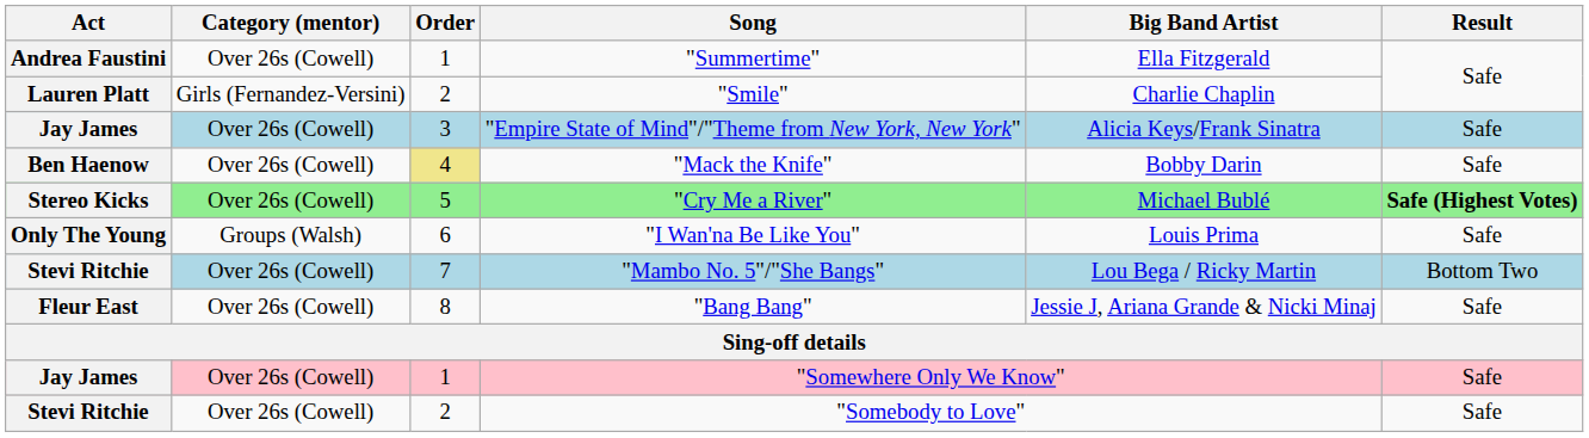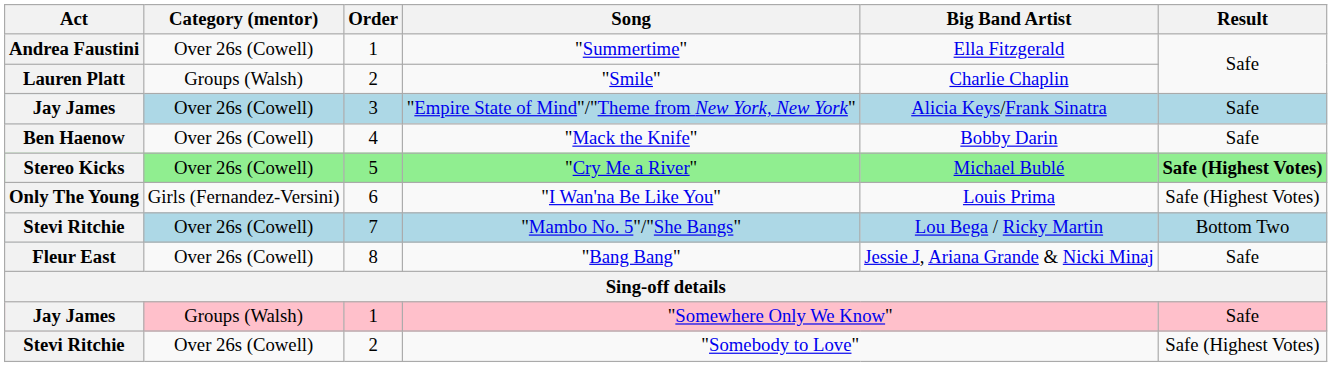 <table class="wikitable plainrowheaders" style="text-align:center;">
 <tr>
 <th scope="col">Act</th>
 <th scope="col">Category (mentor)</th>
 <th scope="col">Order</th>
 <th scope="col">Song</th>
 <th scope="col">Big Band Artist</th>
 <th scope="col">Result</th>
 </tr>
 <tr>
 <th scope="row">Andrea Faustini</th>
 <td>Over 26s (Cowell)</td>
 <td>1</td>
 <td>"<a href='#'>Summertime</a>"</td>
 <td><a href='#'>Ella Fitzgerald</a></td>
 <td rowspan=2>Safe</td>
 </tr>
 <tr>
 <th scope="row">Lauren Platt</th>
-<td>Girls (Fernandez-Versini)</td>
+<td>Groups (Walsh)</td>
 <td>2</td>
 <td>"<a href='#'>Smile</a>"</td>
 <td><a href='#'>Charlie Chaplin</a></td>
 </tr>
 <tr style="background:lightblue;">
 <th scope="row">Jay James</th>
 <td>Over 26s (Cowell)</td>
 <td>3</td>
 <td>"<a href='#'>Empire State of Mind</a>"/"<a href='#'>Theme from <em>New York, New York</em></a>"</td>
 <td><a href='#'>Alicia Keys</a>/<a href='#'>Frank Sinatra</a></td>
 <td>Safe</td>
 </tr>
 <tr>
 <th scope="row">Ben Haenow</th>
 <td>Over 26s (Cowell)</td>
-<td style="background: khaki;">4</td>
+<td>4</td>
 <td>"<a href='#'>Mack the Knife</a>"</td>
 <td><a href='#'>Bobby Darin</a></td>
 <td>Safe</td>
 </tr>
 <tr style="background:lightgreen;">
 <th scope="row">Stereo Kicks</th>
 <td>Over 26s (Cowell)</td>
 <td>5</td>
 <td>"<a href='#'>Cry Me a River</a>"</td>
 <td><a href='#'>Michael Bublé</a></td>
 <td><strong>Safe (Highest Votes)</strong></td>
 </tr>
 <tr>
 <th scope="row">Only The Young</th>
-<td>Groups (Walsh)</td>
+<td>Girls (Fernandez-Versini)</td>
 <td>6</td>
 <td>"<a href='#'>I Wan'na Be Like You</a>"</td>
 <td><a href='#'>Louis Prima</a></td>
-<td>Safe</td>
+<td>Safe (Highest Votes)</td>
 </tr>
 <tr style="background:lightblue;">
 <th scope="row">Stevi Ritchie</th>
 <td>Over 26s (Cowell)</td>
 <td>7</td>
 <td>"<a href='#'>Mambo No. 5</a>"/"<a href='#'>She Bangs</a>"</td>
 <td><a href='#'>Lou Bega</a> / <a href='#'>Ricky Martin</a></td>
 <td>Bottom Two</td>
 </tr>
 <tr>
 <th scope="row">Fleur East</th>
 <td>Over 26s (Cowell)</td>
 <td>8</td>
 <td>"<a href='#'>Bang Bang</a>"</td>
 <td><a href='#'>Jessie J</a>, <a href='#'>Ariana Grande</a> & <a href='#'>Nicki Minaj</a></td>
 <td>Safe</td>
 </tr>
 <tr>
 <th colspan=6>Sing-off details</th>
 </tr>
 <tr style="background:pink;">
 <th scope="row">Jay James</th>
-<td>Over 26s (Cowell)</td>
+<td>Groups (Walsh)</td>
 <td>1</td>
 <td colspan=2>"<a href='#'>Somewhere Only We Know</a>"</td>
 <td>Safe</td>
 </tr>
 <tr>
 <th scope="row">Stevi Ritchie</th>
 <td>Over 26s (Cowell)</td>
 <td>2</td>
 <td colspan=2>"<a href='#'>Somebody to Love</a>"</td>
-<td>Safe</td>
+<td>Safe (Highest Votes)</td>
 </tr>
 </table>
